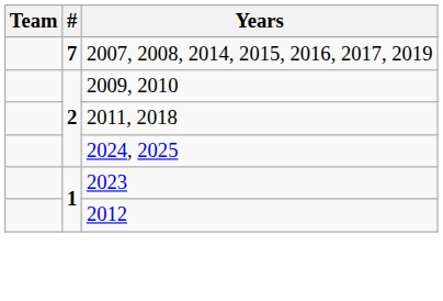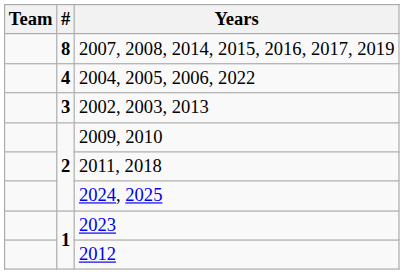 <table class="wikitable" style="text-align:center;">
 <tr>
 <th>Team</th>
 <th>#</th>
 <th class="unsortable">Years</th>
 </tr>
 <tr>
 <td><strong><a href='#'></a></strong></td>
-<td><strong>7</strong></td>
+<td><strong>8</strong></td>
 <td align="left">2007, 2008, 2014, 2015, 2016, 2017, 2019</td>
+</tr>
+<tr>
+<td><strong><a href='#'></a></strong></td>
+<td><strong>4</strong></td>
+<td align="left">2004, 2005, 2006, 2022</td>
+</tr>
+<tr>
+<td><strong><a href='#'></a></strong></td>
+<td><strong>3</strong></td>
+<td align="left">2002, 2003, 2013</td>
 </tr>
 <tr>
 <td><strong><a href='#'></a></strong></td>
 <td rowspan="3"><strong>2</strong></td>
 <td align="left">2009, 2010</td>
 </tr>
 <tr>
 <td><strong><a href='#'></a></strong></td>
 <td align="left">2011, 2018</td>
 </tr>
 <tr>
 <td><strong><a href='#'></a></strong></td>
 <td align="left"><a href='#'>2024</a>, <a href='#'>2025</a></td>
 </tr>
 <tr>
 <td><strong><a href='#'></a></strong></td>
 <td rowspan="2"><strong>1</strong></td>
 <td align="left"><a href='#'>2023</a></td>
 </tr>
 <tr>
 <td><strong><a href='#'></a></strong></td>
 <td align="left"><a href='#'>2012</a></td>
 </tr>
 </table>
